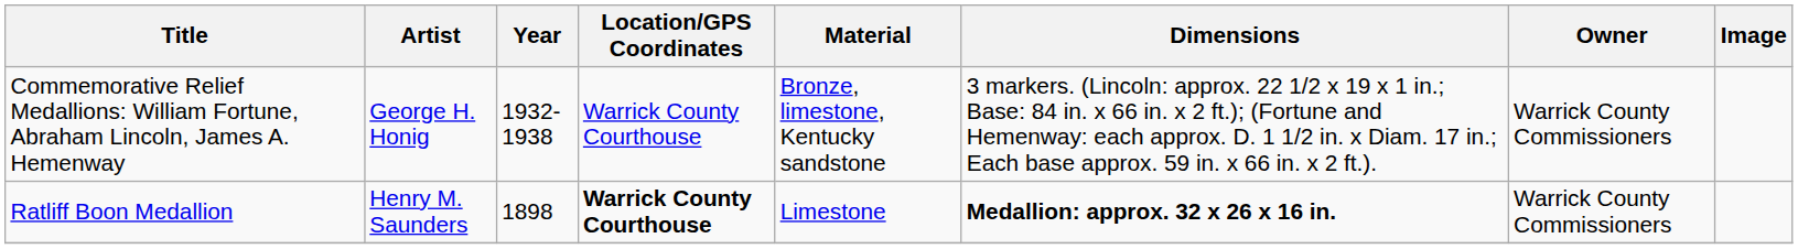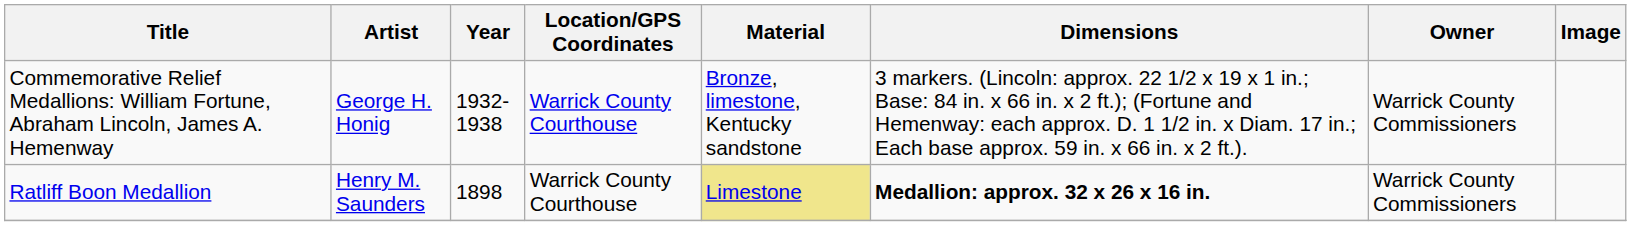 <table class="wikitable sortable">
 <tr>
 <th>Title</th>
 <th>Artist</th>
 <th>Year</th>
 <th>Location/GPS Coordinates</th>
 <th>Material</th>
 <th>Dimensions</th>
 <th>Owner</th>
 <th>Image</th>
 </tr>
 <tr>
 <td>Commemorative Relief Medallions: William Fortune, Abraham Lincoln, James A. Hemenway</td>
 <td><a href='#'>George H. Honig</a></td>
 <td>1932-1938</td>
 <td><a href='#'>Warrick County Courthouse</a></td>
 <td><a href='#'>Bronze</a>, <a href='#'>limestone</a>, Kentucky sandstone</td>
 <td>3 markers. (Lincoln: approx. 22 1/2 x 19 x 1 in.; Base: 84 in. x 66 in. x 2 ft.); (Fortune and Hemenway: each approx. D. 1 1/2 in. x Diam. 17 in.; Each base approx. 59 in. x 66 in. x 2 ft.).</td>
 <td>Warrick County Commissioners</td>
 <td></td>
 </tr>
 <tr>
 <td><a href='#'>Ratliff Boon Medallion</a></td>
 <td><a href='#'>Henry M. Saunders</a></td>
 <td>1898</td>
-<td><strong>Warrick County Courthouse</strong></td>
-<td><a href='#'>Limestone</a></td>
+<td>Warrick County Courthouse</td>
+<td style="background: khaki;"><a href='#'>Limestone</a></td>
 <td><strong>Medallion: approx. 32 x 26 x 16 in.</strong></td>
 <td>Warrick County Commissioners</td>
 <td></td>
 </tr>
 <tr>
 </tr>
 </table>
